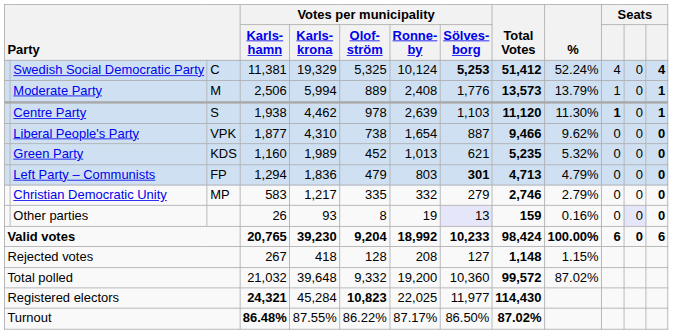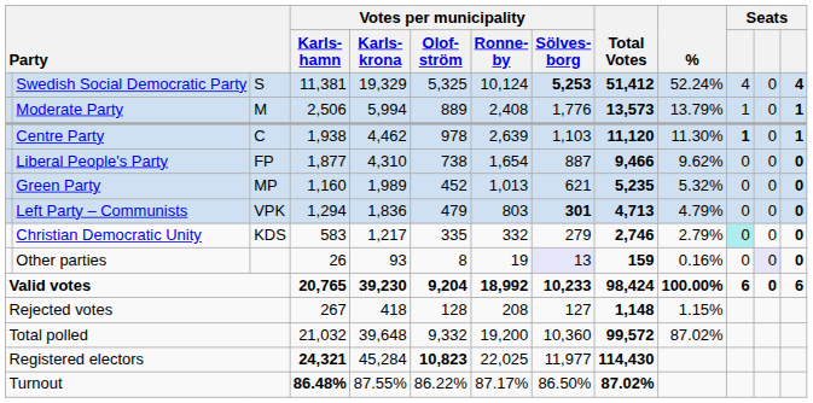 <table class="wikitable" border="1" style="text-align:right;">
 <tr>
 <th style="text-align:left;" valign=bottom rowspan=2 colspan=3>Party</th>
 <th colspan=5>Votes per municipality</th>
 <th align=center valign=bottom rowspan=2 width="50">Total Votes</th>
 <th align=center valign=bottom rowspan=2 width="50">%</th>
 <th colspan=3>Seats</th>
 </tr>
 <tr>
 <th align=center valign=bottom width="50"><a href='#'>Karls- hamn</a></th>
 <th align=center valign=bottom width="50"><a href='#'>Karls- krona</a></th>
 <th align=center valign=bottom width="50"><a href='#'>Olof- ström</a></th>
 <th align=center valign=bottom width="50"><a href='#'>Ronne- by</a></th>
 <th align=center valign=bottom width="50"><a href='#'>Sölves- borg</a></th>
 <th align=center valign=bottom width="20"><small></small></th>
 <th align=center valign=bottom width="20"><small><a href='#'></a></small></th>
 <th align=center valign=bottom width="20"><small></small></th>
 </tr>
 <tr style="background:#CEE0F2;">
 <td></td>
 <td align=left style="white-space: nowrap;"><a href='#'>Swedish Social Democratic Party</a></td>
-<td align=left>C</td>
+<td align=left>S</td>
 <td>11,381</td>
 <td>19,329</td>
 <td>5,325</td>
 <td>10,124</td>
 <td><strong>5,253</strong></td>
 <td><strong>51,412</strong></td>
 <td>52.24%</td>
 <td>4</td>
 <td>0</td>
 <td><strong>4</strong></td>
 </tr>
 <tr style="background:#CEE0F2;">
 <td></td>
 <td align=left><a href='#'>Moderate Party</a></td>
 <td align=left>M</td>
 <td>2,506</td>
 <td>5,994</td>
 <td>889</td>
 <td>2,408</td>
 <td>1,776</td>
 <td><strong>13,573</strong></td>
 <td>13.79%</td>
 <td>1</td>
 <td>0</td>
 <td><strong>1</strong></td>
 </tr>
 <tr style="background:#CEE0F2; border-top:3px solid darkgray;">
 <td></td>
 <td align=left><a href='#'>Centre Party</a></td>
-<td align=left>S</td>
+<td align=left>C</td>
 <td>1,938</td>
 <td>4,462</td>
 <td>978</td>
 <td>2,639</td>
 <td>1,103</td>
 <td><strong>11,120</strong></td>
 <td>11.30%</td>
 <td><strong>1</strong></td>
 <td>0</td>
 <td><strong>1</strong></td>
 </tr>
 <tr style="background:#CEE0F2;">
 <td></td>
 <td align=left><a href='#'>Liberal People's Party</a></td>
-<td align=left>VPK</td>
+<td align=left>FP</td>
 <td>1,877</td>
 <td>4,310</td>
 <td>738</td>
 <td>1,654</td>
 <td>887</td>
 <td><strong>9,466</strong></td>
 <td>9.62%</td>
 <td>0</td>
 <td>0</td>
 <td><strong>0</strong></td>
 </tr>
 <tr style="background:#CEE0F2;">
 <td></td>
 <td align=left><a href='#'>Green Party</a></td>
-<td align=left>KDS</td>
+<td align=left>MP</td>
 <td>1,160</td>
 <td>1,989</td>
 <td>452</td>
 <td>1,013</td>
 <td>621</td>
 <td><strong>5,235</strong></td>
 <td>5.32%</td>
 <td>0</td>
 <td>0</td>
 <td><strong>0</strong></td>
 </tr>
 <tr style="background:#CEE0F2;">
 <td></td>
 <td align=left><a href='#'>Left Party – Communists</a></td>
-<td align=left>FP</td>
+<td align=left>VPK</td>
 <td>1,294</td>
 <td>1,836</td>
 <td>479</td>
 <td>803</td>
 <td><strong>301</strong></td>
 <td><strong>4,713</strong></td>
 <td>4.79%</td>
 <td>0</td>
 <td>0</td>
 <td><strong>0</strong></td>
 </tr>
 <tr>
 <td></td>
 <td align=left><a href='#'>Christian Democratic Unity</a></td>
-<td align=left>MP</td>
+<td align=left>KDS</td>
 <td>583</td>
 <td>1,217</td>
 <td>335</td>
 <td>332</td>
 <td>279</td>
 <td><strong>2,746</strong></td>
 <td>2.79%</td>
-<td>0</td>
+<td style="background: paleturquoise;">0</td>
 <td>0</td>
 <td><strong>0</strong></td>
 </tr>
 <tr>
 <td></td>
 <td align=left>Other parties</td>
 <td></td>
 <td>26</td>
 <td>93</td>
 <td>8</td>
 <td>19</td>
 <td style="background: lavender;">13</td>
 <td><strong>159</strong></td>
 <td>0.16%</td>
 <td>0</td>
 <td style="background: lavender;">0</td>
 <td><strong>0</strong></td>
 </tr>
 <tr style="font-weight:bold">
 <td align=left colspan=3>Valid votes</td>
 <td>20,765</td>
 <td>39,230</td>
 <td>9,204</td>
 <td>18,992</td>
 <td>10,233</td>
 <td>98,424</td>
 <td>100.00%</td>
 <td>6</td>
 <td>0</td>
 <td>6</td>
 </tr>
 <tr>
 <td align=left colspan=3>Rejected votes</td>
 <td>267</td>
 <td>418</td>
 <td>128</td>
 <td>208</td>
 <td>127</td>
 <td><strong>1,148</strong></td>
 <td>1.15%</td>
 <td></td>
 <td></td>
 <td></td>
 </tr>
 <tr>
 <td align=left colspan=3>Total polled</td>
 <td>21,032</td>
 <td>39,648</td>
 <td>9,332</td>
 <td>19,200</td>
 <td>10,360</td>
 <td><strong>99,572</strong></td>
 <td>87.02%</td>
 <td></td>
 <td></td>
 <td></td>
 </tr>
 <tr>
 <td align=left colspan=3>Registered electors</td>
 <td><strong>24,321</strong></td>
 <td>45,284</td>
 <td><strong>10,823</strong></td>
 <td>22,025</td>
 <td>11,977</td>
 <td><strong>114,430</strong></td>
 <td></td>
 <td></td>
 <td></td>
 <td></td>
 </tr>
 <tr>
 <td align=left colspan=3>Turnout</td>
 <td><strong>86.48%</strong></td>
 <td>87.55%</td>
 <td>86.22%</td>
 <td>87.17%</td>
 <td>86.50%</td>
 <td><strong>87.02%</strong></td>
 <td></td>
 <td></td>
 <td></td>
 <td></td>
 </tr>
 </table>
